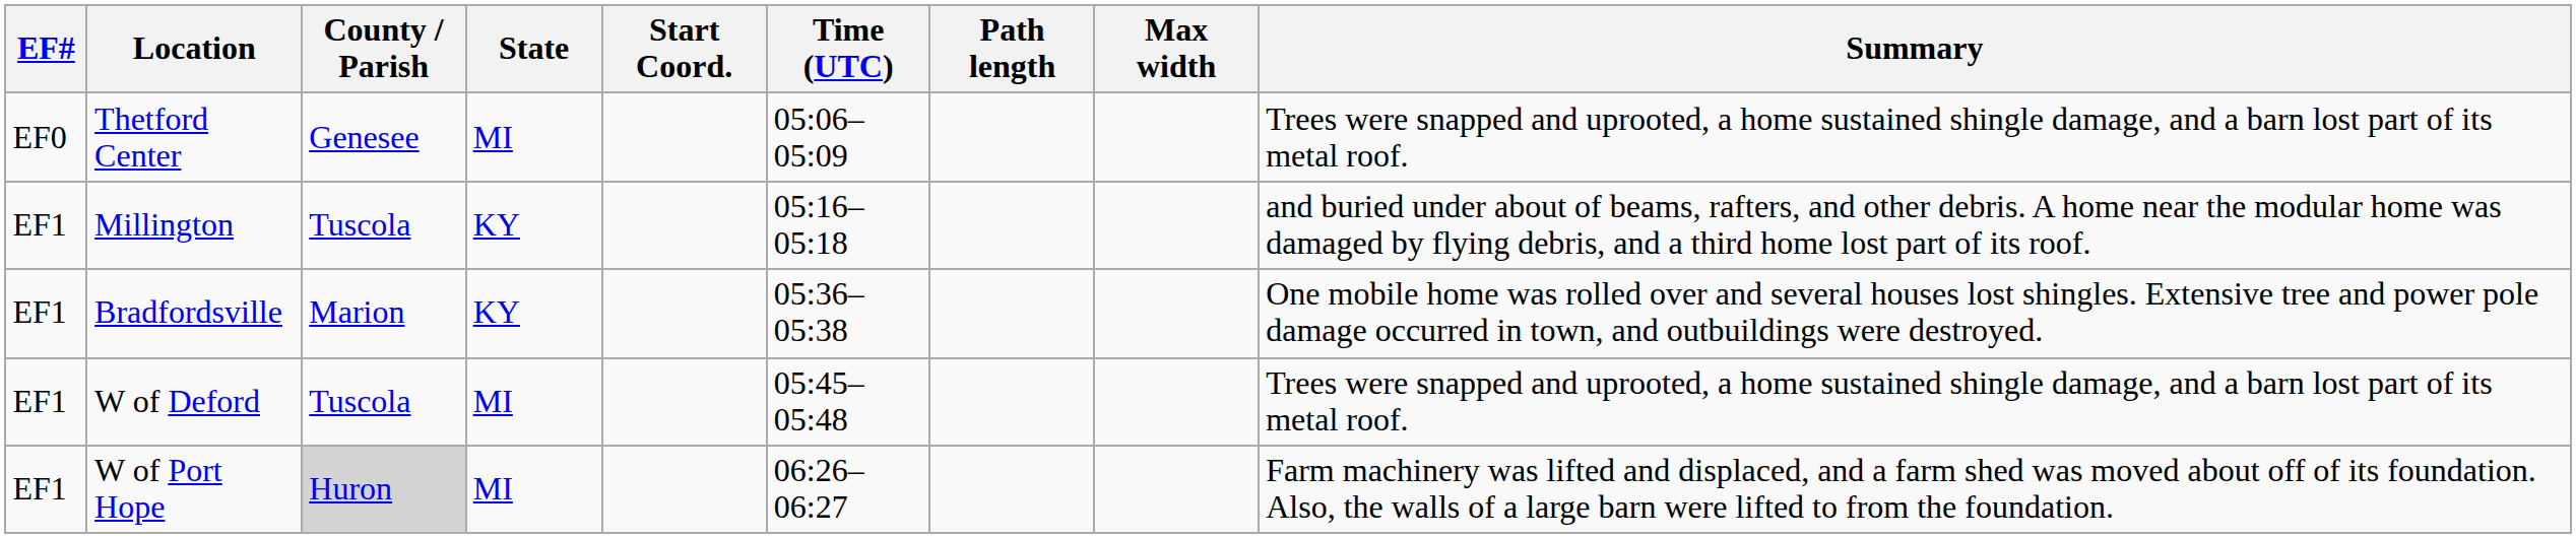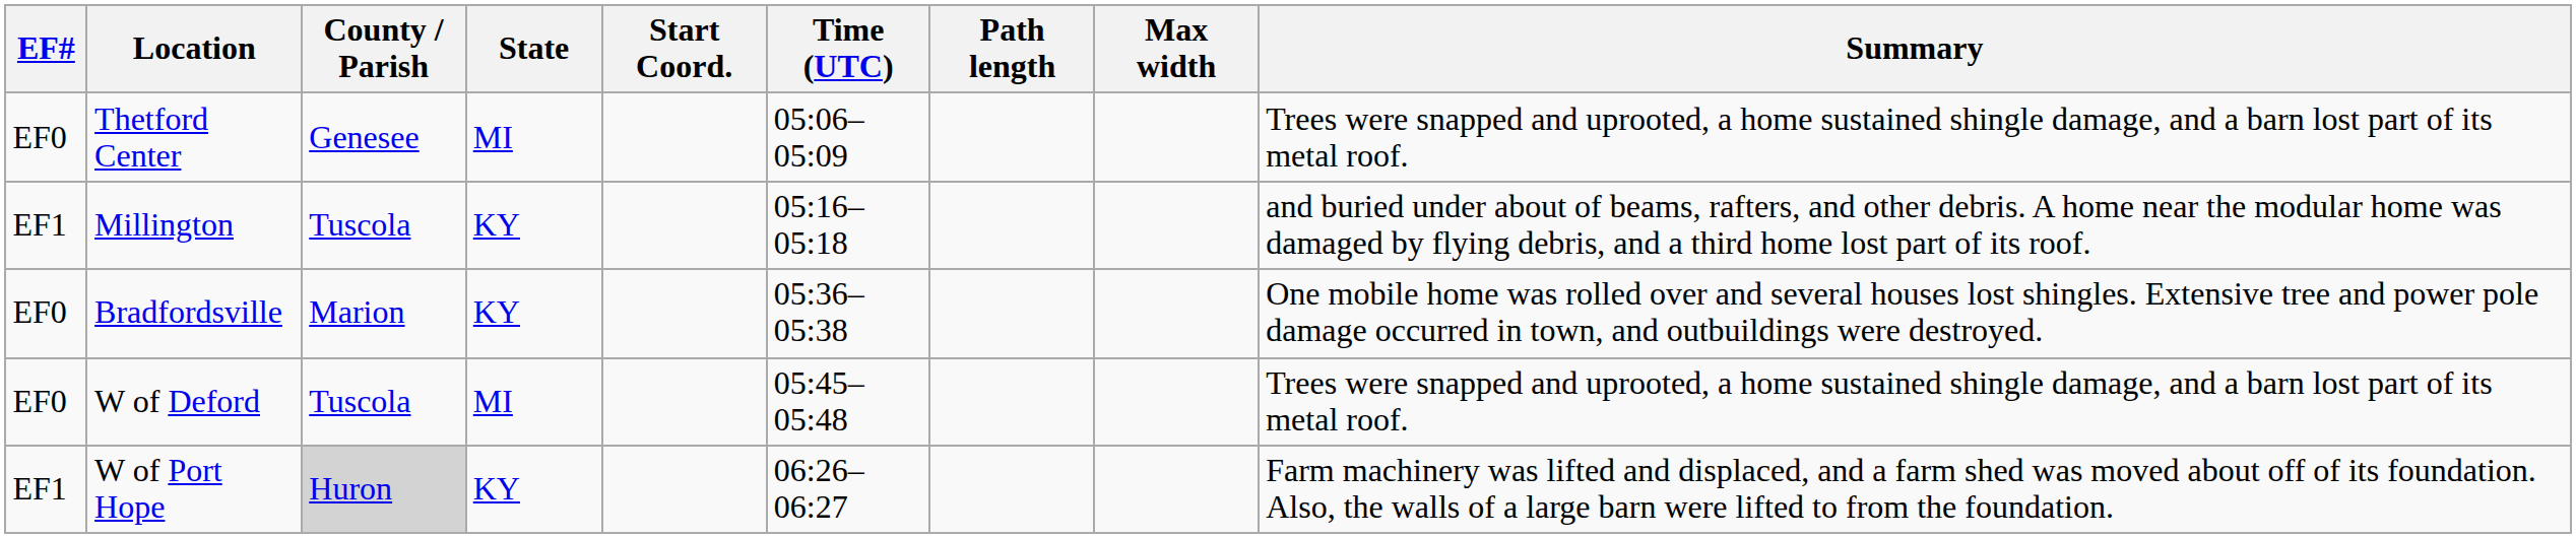 <table class="wikitable sortable" style="width:100%;">
 <tr>
 <th scope="col"  style="width:3%; text-align:center;"><a href='#'>EF#</a></th>
 <th scope="col"  style="width:7%; text-align:center;" class="unsortable">Location</th>
 <th scope="col"  style="width:6%; text-align:center;" class="unsortable">County / Parish</th>
 <th scope="col"  style="width:5%; text-align:center;">State</th>
 <th scope="col"  style="width:6%; text-align:center;">Start Coord.</th>
 <th scope="col"  style="width:6%; text-align:center;">Time (<a href='#'>UTC</a>)</th>
 <th scope="col"  style="width:6%; text-align:center;">Path length</th>
 <th scope="col"  style="width:6%; text-align:center;">Max width</th>
 <th scope="col" class="unsortable" style="width:48%; text-align:center;">Summary</th>
 </tr>
 <tr>
 <td>EF0</td>
 <td><a href='#'>Thetford Center</a></td>
 <td><a href='#'>Genesee</a></td>
 <td><a href='#'>MI</a></td>
 <td></td>
 <td>05:06–05:09</td>
 <td></td>
 <td></td>
 <td>Trees were snapped and uprooted, a home sustained shingle damage, and a barn lost part of its metal roof.</td>
 </tr>
 <tr>
 <td>EF1</td>
 <td><a href='#'>Millington</a></td>
 <td><a href='#'>Tuscola</a></td>
 <td><a href='#'>KY</a></td>
 <td></td>
 <td>05:16–05:18</td>
 <td></td>
 <td></td>
 <td A high-end EF1 completely destroyed a frail modular home. A 14-month-old baby sleeping in a crib inside this home received only minor cuts and bruises after being tossed> and buried under about  of beams, rafters, and other debris. A home near the modular home was damaged by flying debris, and a third home lost part of its roof.</td>
 </tr>
 <tr>
-<td>EF1</td>
+<td>EF0</td>
 <td><a href='#'>Bradfordsville</a></td>
 <td><a href='#'>Marion</a></td>
 <td><a href='#'>KY</a></td>
 <td></td>
 <td>05:36–05:38</td>
 <td></td>
 <td></td>
 <td>One mobile home was rolled over and several houses lost shingles. Extensive tree and power pole damage occurred in town, and outbuildings were destroyed.</td>
 </tr>
 <tr>
-<td>EF1</td>
+<td>EF0</td>
 <td>W of <a href='#'>Deford</a></td>
 <td><a href='#'>Tuscola</a></td>
 <td><a href='#'>MI</a></td>
 <td></td>
 <td>05:45–05:48</td>
 <td></td>
 <td></td>
 <td>Trees were snapped and uprooted, a home sustained shingle damage, and a barn lost part of its metal roof.</td>
 </tr>
 <tr>
 <td>EF1</td>
 <td>W of <a href='#'>Port Hope</a></td>
 <td style="background: lightgrey;"><a href='#'>Huron</a></td>
-<td><a href='#'>MI</a></td>
+<td><a href='#'>KY</a></td>
 <td></td>
 <td>06:26–06:27</td>
 <td></td>
 <td></td>
 <td>Farm machinery was lifted and displaced, and a farm shed was moved about  off of its foundation. Also, the walls of a large barn were lifted  to  from the foundation.</td>
 </tr>
 <tr>
 </tr>
 </table>
